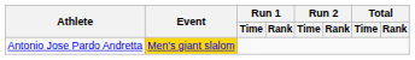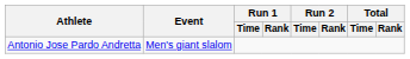 <table class="wikitable" style="font-size:90%">
 <tr>
 <th rowspan=2>Athlete</th>
 <th rowspan=2>Event</th>
 <th colspan=2>Run 1</th>
 <th colspan=2>Run 2</th>
 <th colspan=2>Total</th>
 </tr>
 <tr style="font-size:95%">
 <th>Time</th>
 <th>Rank</th>
 <th>Time</th>
 <th>Rank</th>
 <th>Time</th>
 <th>Rank</th>
 </tr>
 <tr align=center>
 <td align=left><a href='#'>Antonio Jose Pardo Andretta</a></td>
-<td align=left style="background: gold;"><a href='#'>Men's giant slalom</a></td>
+<td align=left><a href='#'>Men's giant slalom</a></td>
 <td colspan=6></td>
 </tr>
 </table>
